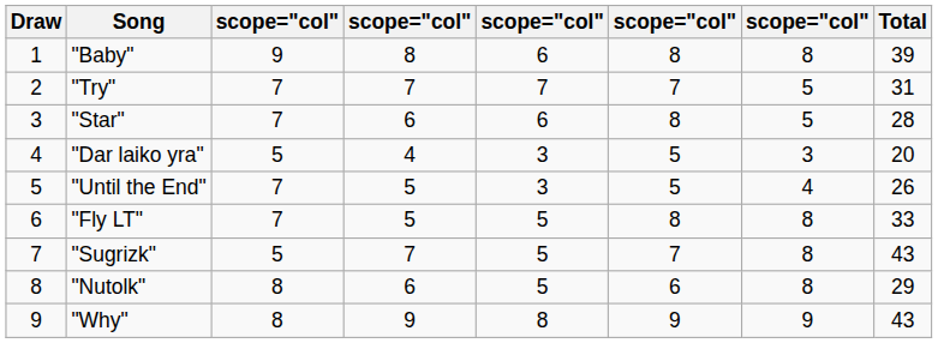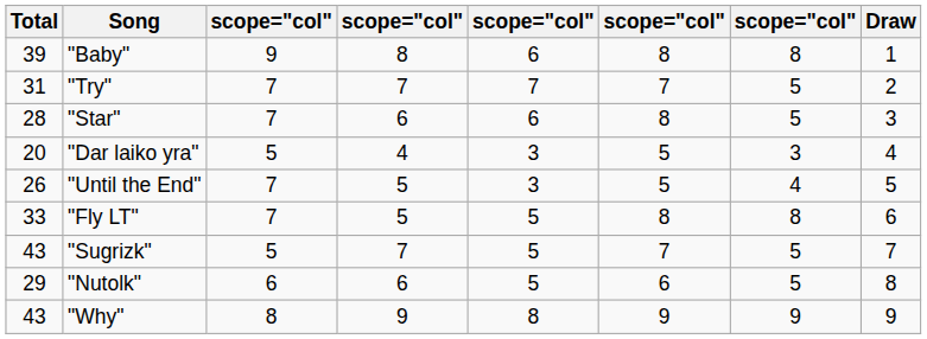 <table class="wikitable collapsible" style="margin: 1em auto 1em auto; text-align:center;">
 <tr>
-<th>Draw</th>
+<th>Total</th>
 <th>Song</th>
 <th>scope="col" </th>
 <th>scope="col" </th>
 <th>scope="col" </th>
 <th>scope="col" </th>
 <th>scope="col" </th>
-<th>Total</th>
+<th>Draw</th>
 </tr>
 <tr>
-<td>1</td>
+<td>39</td>
 <td align="left">"Baby"</td>
 <td>9</td>
 <td>8</td>
 <td>6</td>
 <td>8</td>
 <td>8</td>
-<td>39</td>
+<td>1</td>
 </tr>
 <tr>
-<td>2</td>
+<td>31</td>
 <td align="left">"Try"</td>
 <td>7</td>
 <td>7</td>
 <td>7</td>
 <td>7</td>
 <td>5</td>
-<td>31</td>
+<td>2</td>
 </tr>
 <tr>
-<td>3</td>
+<td>28</td>
 <td align="left">"Star"</td>
 <td>7</td>
 <td>6</td>
 <td>6</td>
 <td>8</td>
 <td>5</td>
-<td>28</td>
+<td>3</td>
 </tr>
 <tr>
-<td>4</td>
+<td>20</td>
 <td align="left">"Dar laiko yra"</td>
 <td>5</td>
 <td>4</td>
 <td>3</td>
 <td>5</td>
 <td>3</td>
-<td>20</td>
+<td>4</td>
 </tr>
 <tr>
-<td>5</td>
+<td>26</td>
 <td align="left">"Until the End"</td>
 <td>7</td>
 <td>5</td>
 <td>3</td>
 <td>5</td>
 <td>4</td>
-<td>26</td>
+<td>5</td>
 </tr>
 <tr>
-<td>6</td>
+<td>33</td>
 <td align="left">"Fly LT"</td>
 <td>7</td>
 <td>5</td>
 <td>5</td>
 <td>8</td>
 <td>8</td>
-<td>33</td>
+<td>6</td>
 </tr>
 <tr>
-<td>7</td>
+<td>43</td>
 <td align="left">"Sugrizk"</td>
 <td>5</td>
 <td>7</td>
 <td>5</td>
 <td>7</td>
-<td>8</td>
-<td>43</td>
+<td>5</td>
+<td>7</td>
 </tr>
 <tr>
-<td>8</td>
+<td>29</td>
 <td align="left">"Nutolk"</td>
-<td>8</td>
+<td>6</td>
 <td>6</td>
 <td>5</td>
 <td>6</td>
+<td>5</td>
 <td>8</td>
-<td>29</td>
 </tr>
 <tr>
-<td>9</td>
+<td>43</td>
 <td align="left">"Why"</td>
 <td>8</td>
 <td>9</td>
 <td>8</td>
 <td>9</td>
 <td>9</td>
-<td>43</td>
+<td>9</td>
 </tr>
 </table>
